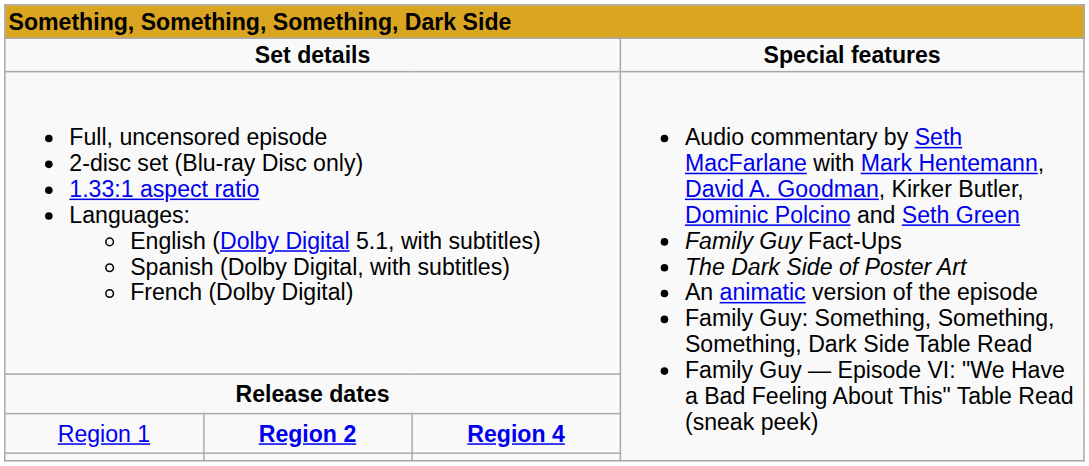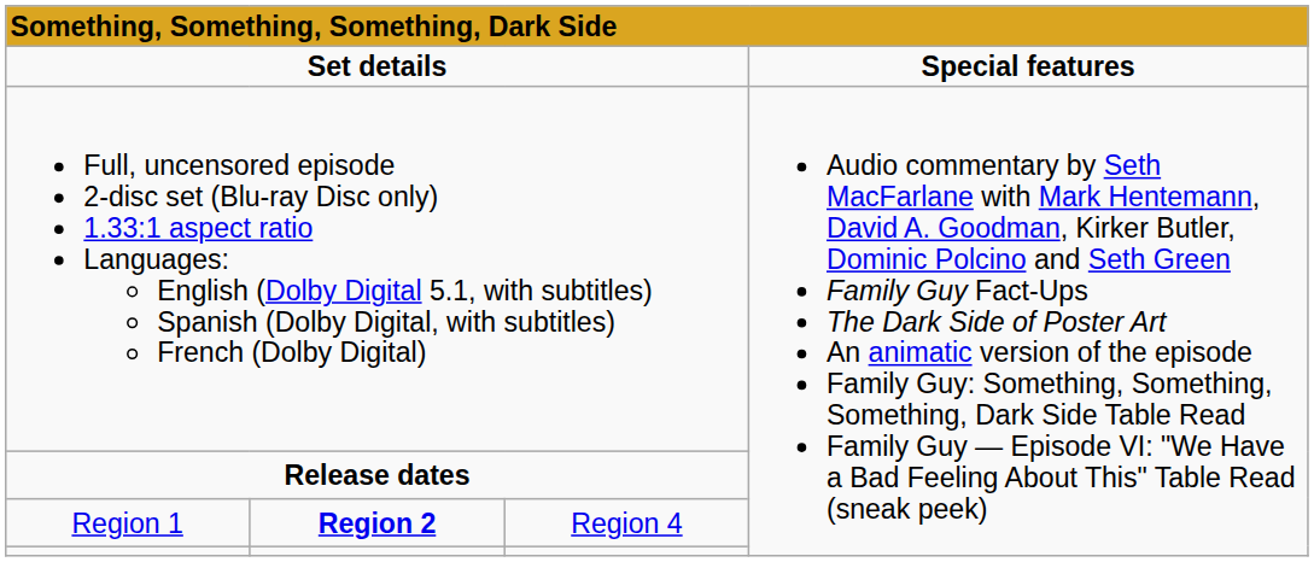 <table border="2" cellpadding="2" cellspacing="0" style="margin: 0 1em 0 0; background: #f9f9f9; border: 1px #aaa solid; border-collapse: collapse; font-size: 95%;">
 <tr style="background:goldenrod">
 <td colspan="5" style="background:goldenrod;"><strong>Something, Something, Something, Dark Side</strong></td>
 </tr>
 <tr valign="top">
 <td style="text-align:center; width:400px;" colspan="3"><strong>Set details</strong></td>
 <td style="width:300px; text-align:center;"><strong>Special features</strong></td>
 </tr>
 <tr valign="top">
 <td colspan="3"  style="text-align:left; width:400px;"><br><ul><li>Full, uncensored episode</li><li>2-disc set (Blu-ray Disc only)</li><li><a href='#'>1.33:1 aspect ratio</a></li><li>Languages:<ul><li>English (<a href='#'>Dolby Digital</a> 5.1, with subtitles)</li><li>Spanish (Dolby Digital, with subtitles)</li><li>French (Dolby Digital)</li></ul></li></ul></td>
 <td rowspan="4"  style="text-align:left; width:300px;"><br><ul><li>Audio commentary by <a href='#'>Seth MacFarlane</a> with <a href='#'>Mark Hentemann</a>, <a href='#'>David A. Goodman</a>, Kirker Butler, <a href='#'>Dominic Polcino</a> and <a href='#'>Seth Green</a></li><li><em>Family Guy</em> Fact-Ups</li><li><em>The Dark Side of Poster Art</em></li><li>An <a href='#'>animatic</a> version of the episode</li><li>Family Guy: Something, Something, Something, Dark Side Table Read</li><li>Family Guy — Episode VI: "We Have a Bad Feeling About This" Table Read (sneak peek)</li></ul></td>
 </tr>
 <tr>
 <td colspan="3" style="text-align:center;"><strong>Release dates</strong></td>
 </tr>
 <tr>
 <td style="text-align:center;"><a href='#'>Region 1</a></td>
 <td style="text-align:center;"><strong><a href='#'>Region 2</a></strong></td>
-<td style="text-align:center;"><strong><a href='#'>Region 4</a></strong></td>
+<td style="text-align:center;"><a href='#'>Region 4</a></td>
 </tr>
 <tr>
 <td style="text-align:center;"></td>
 <td style="text-align:center;"></td>
 <td style="text-align:center;"></td>
 </tr>
 </table>
